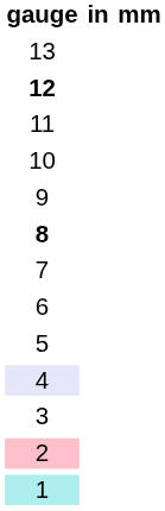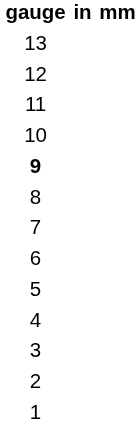 <table cellspacing="4" style="text-align:center">
 <tr>
 <th>gauge</th>
 <th>in</th>
 <th>mm</th>
 </tr>
 <tr>
 <td>13</td>
 <td></td>
 </tr>
 <tr>
-<td><strong>12</strong></td>
+<td>12</td>
 <td></td>
 </tr>
 <tr>
 <td>11</td>
 <td></td>
 </tr>
 <tr>
 <td>10</td>
 <td></td>
 </tr>
 <tr>
-<td>9</td>
+<td><strong>9</strong></td>
 <td></td>
 </tr>
 <tr>
-<td><strong>8</strong></td>
+<td>8</td>
 <td></td>
 </tr>
 <tr>
 <td>7</td>
 <td></td>
 </tr>
 <tr>
 <td>6</td>
 <td></td>
 </tr>
 <tr>
 <td>5</td>
 <td></td>
 </tr>
 <tr>
-<td style="background: lavender;">4</td>
+<td>4</td>
 <td></td>
 </tr>
 <tr>
 <td>3</td>
 <td></td>
 </tr>
 <tr>
-<td style="background: pink;">2</td>
+<td>2</td>
 <td></td>
 </tr>
 <tr>
-<td style="background: paleturquoise;">1</td>
+<td>1</td>
 <td></td>
 </tr>
 </table>
